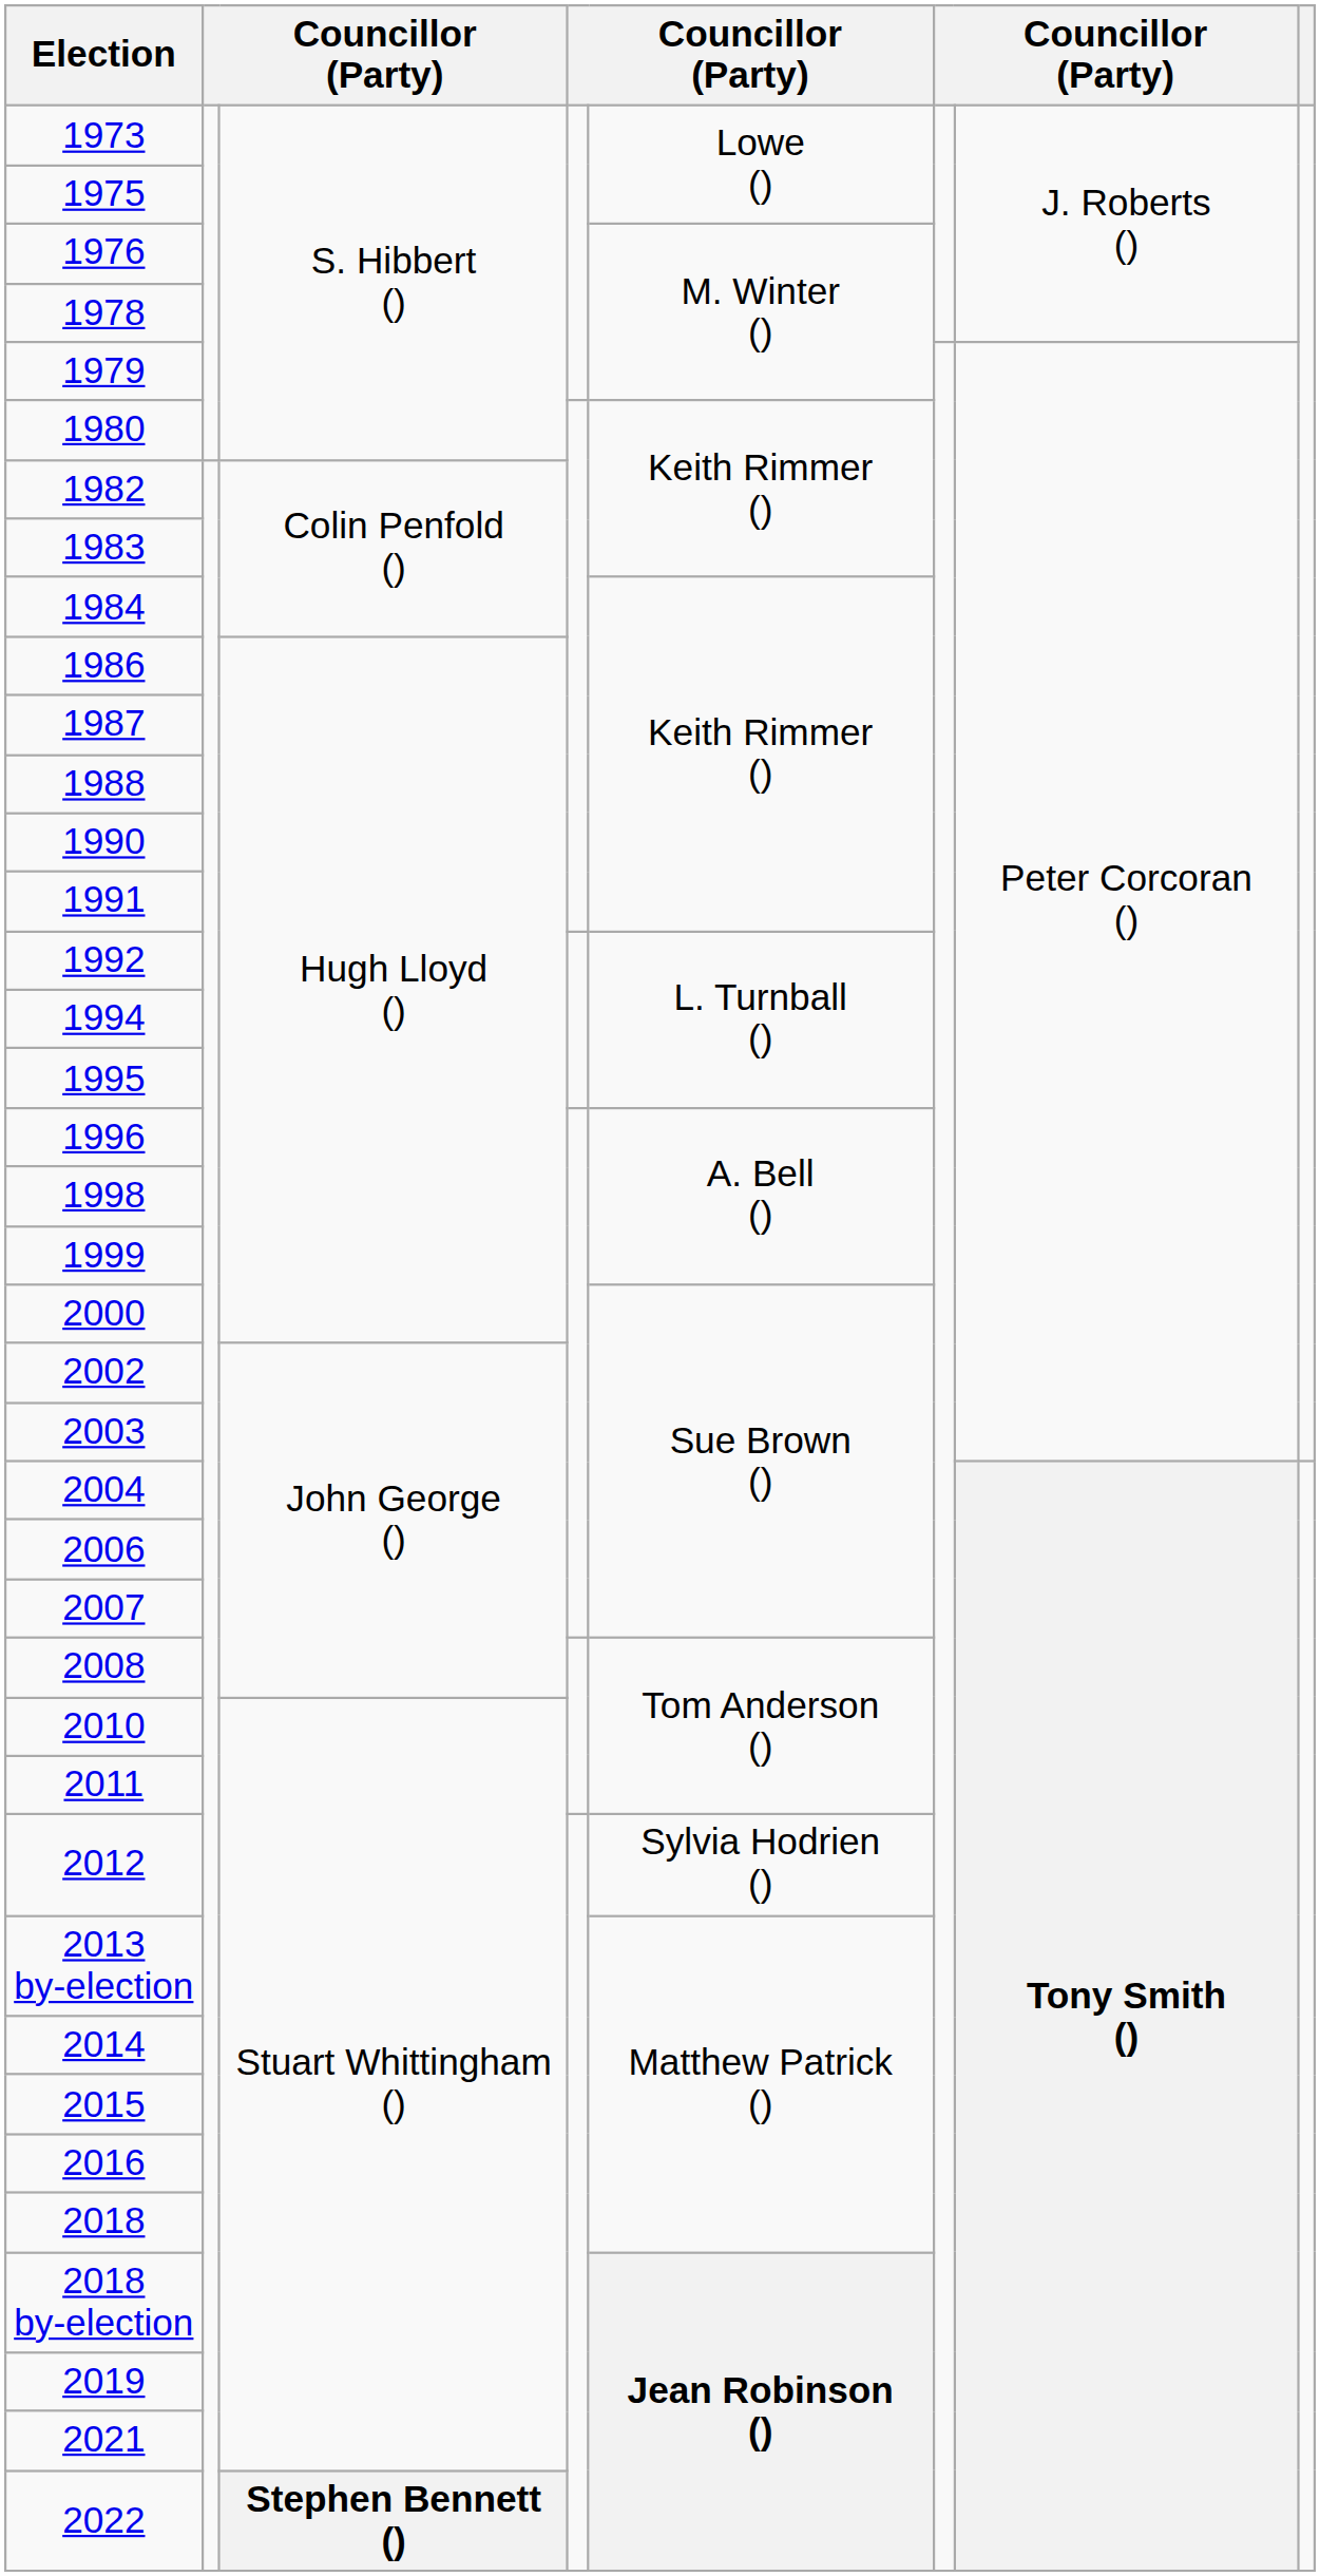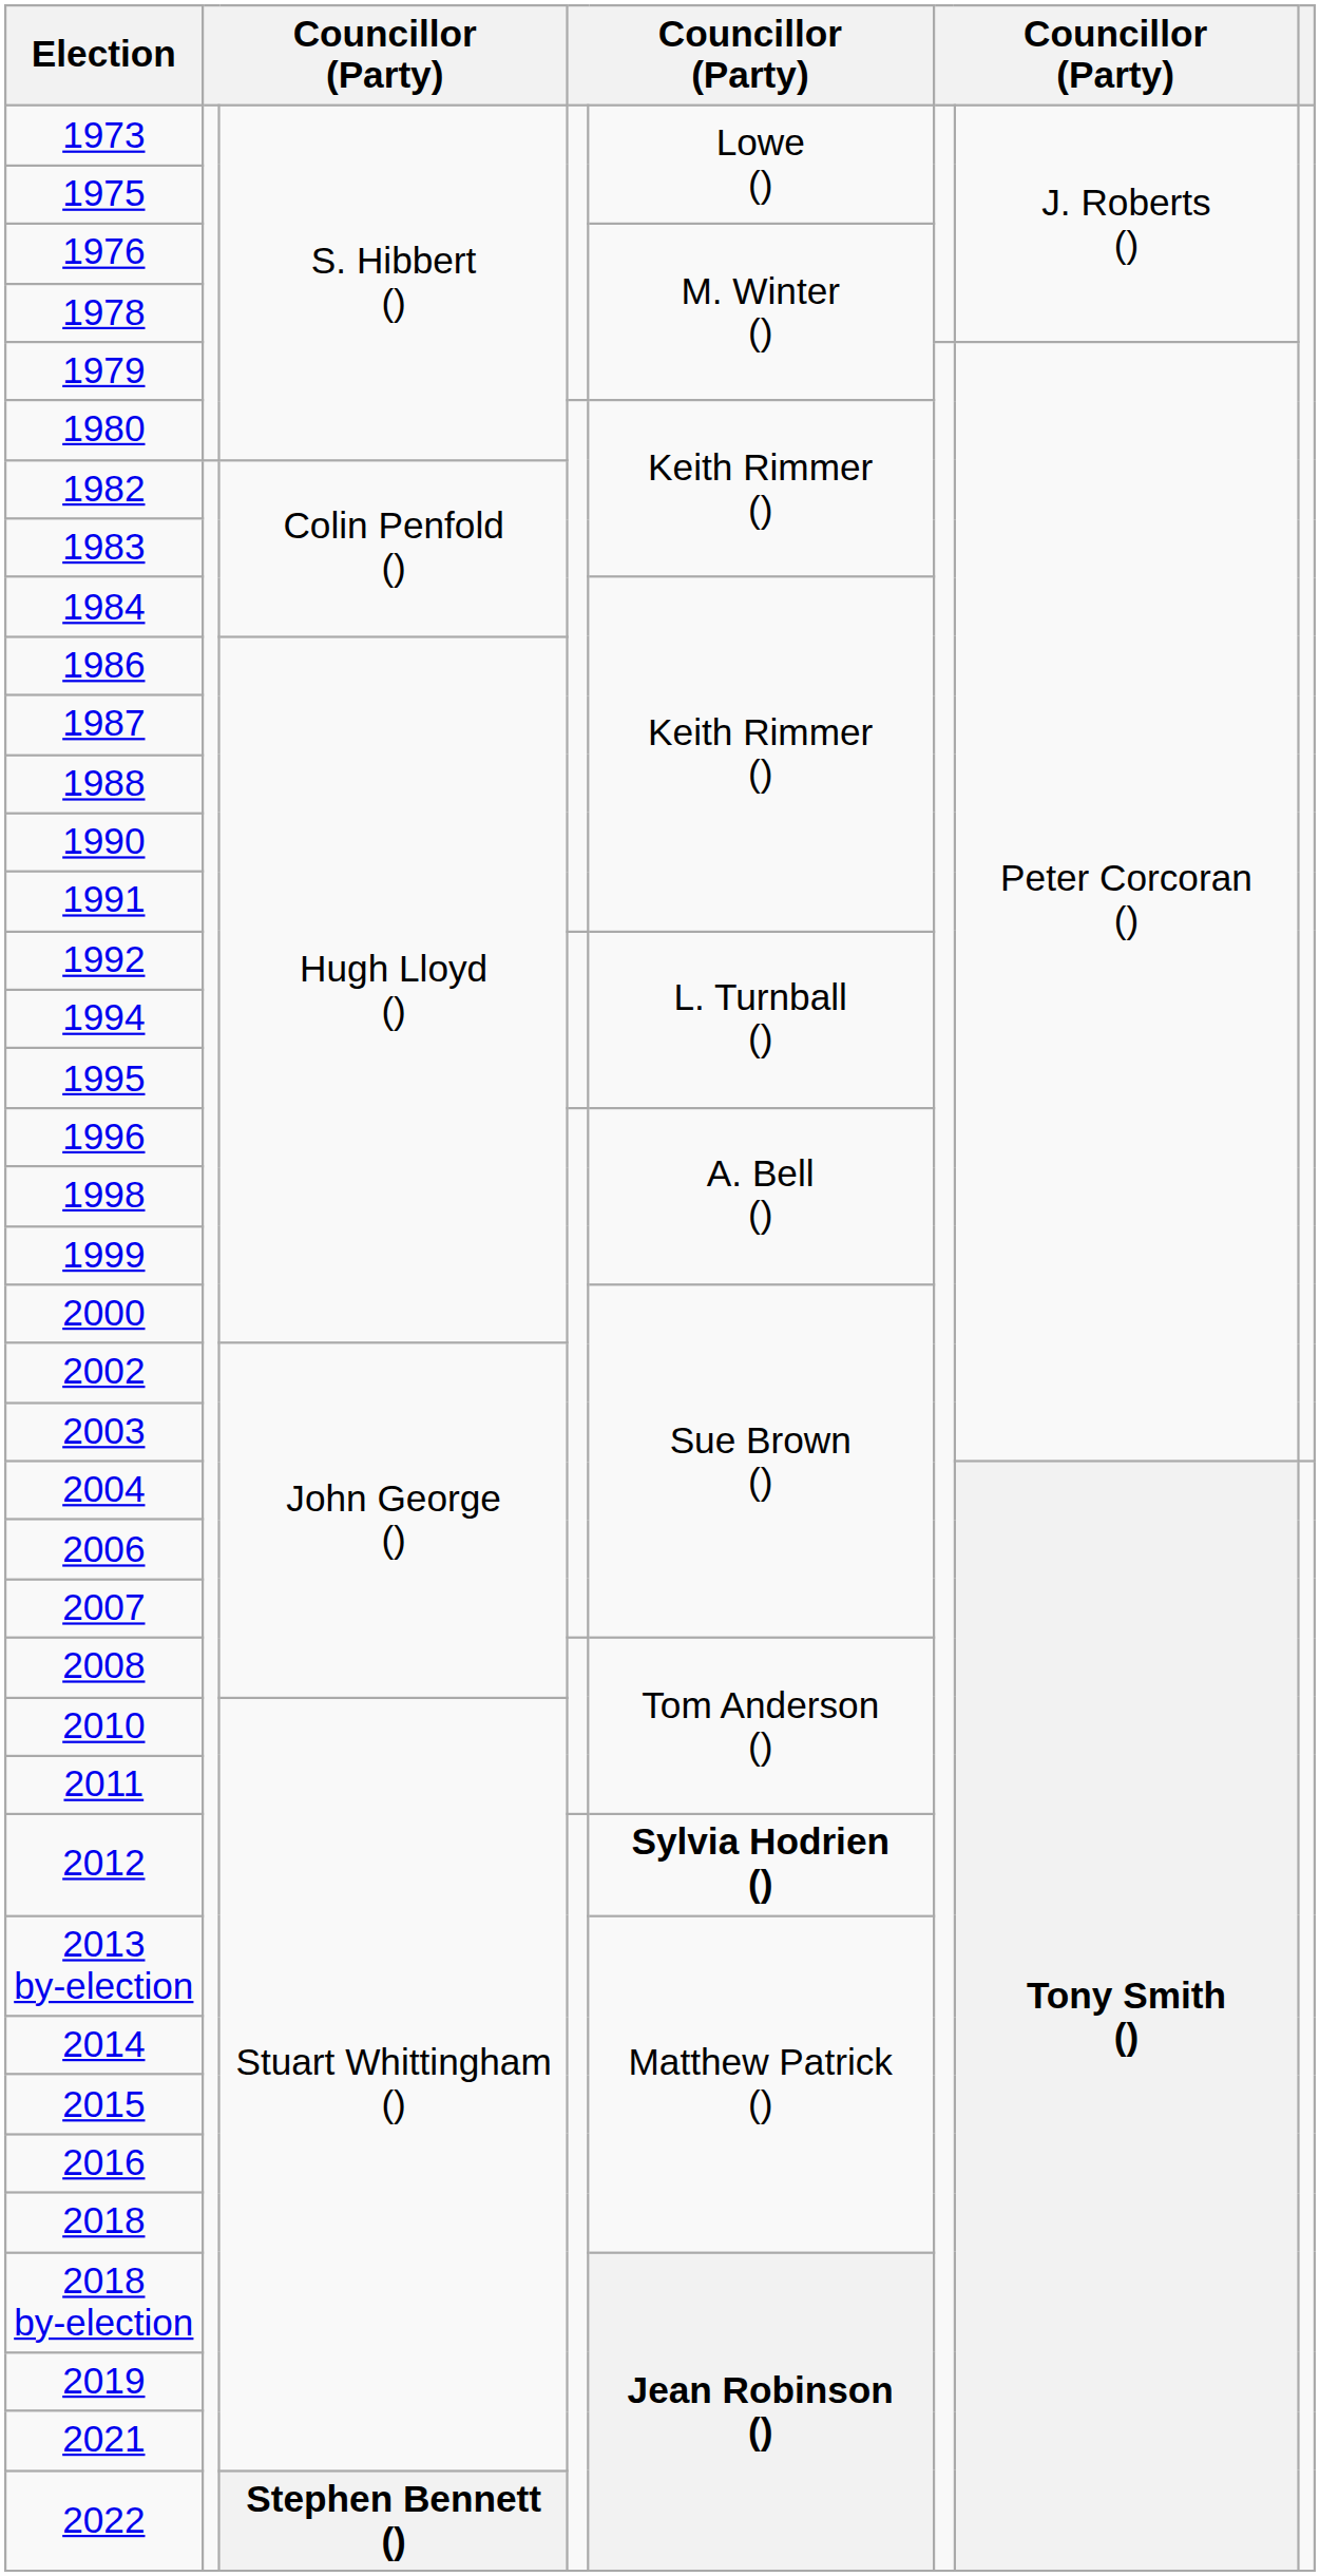 <table class="wikitable" style="text-align:center">
 <tr>
 <th>Election</th>
 <th scope="col" width="150" colspan = "2">Councillor<br> (Party)</th>
 <th scope="col" width="150" colspan = "2">Councillor<br> (Party)</th>
 <th scope="col" width="150" colspan = "2">Councillor<br> (Party)</th>
 <th></th>
 </tr>
 <tr>
 <td><a href='#'>1973</a></td>
 <td rowspan=6 style="background-color: "></td>
 <td rowspan=6>S. Hibbert<br>(<a href='#'></a>)</td>
 <td rowspan=5 style="background-color: "></td>
 <td rowspan=2>Lowe<br>(<a href='#'></a>)</td>
 <td rowspan=4 style="background-color: "></td>
 <td rowspan=4>J. Roberts<br>(<a href='#'></a>)</td>
 <td rowspan=23></td>
 </tr>
 <tr>
 <td><a href='#'>1975</a></td>
 </tr>
 <tr>
 <td><a href='#'>1976</a></td>
 <td rowspan=3>M. Winter<br>(<a href='#'></a>)</td>
 </tr>
 <tr>
 <td><a href='#'>1978</a></td>
 </tr>
 <tr>
 <td><a href='#'>1979</a></td>
 <td rowspan=35 style="background-color: "></td>
 <td rowspan=19>Peter Corcoran<br>(<a href='#'></a>)</td>
 </tr>
 <tr>
 <td><a href='#'>1980</a></td>
 <td rowspan=9 style="background-color: "></td>
 <td rowspan=3>Keith Rimmer<br>(<a href='#'></a>)</td>
 </tr>
 <tr>
 <td><a href='#'>1982</a></td>
 <td rowspan=33 style="background-color: "></td>
 <td rowspan=3>Colin Penfold<br>(<a href='#'></a>)</td>
 </tr>
 <tr>
 <td><a href='#'>1983</a></td>
 </tr>
 <tr>
 <td><a href='#'>1984</a></td>
 <td rowspan=6>Keith Rimmer<br>(<a href='#'></a>)</td>
 </tr>
 <tr>
 <td><a href='#'>1986</a></td>
 <td rowspan=12>Hugh Lloyd<br>(<a href='#'></a>)</td>
 </tr>
 <tr>
 <td><a href='#'>1987</a></td>
 </tr>
 <tr>
 <td><a href='#'>1988</a></td>
 </tr>
 <tr>
 <td><a href='#'>1990</a></td>
 </tr>
 <tr>
 <td><a href='#'>1991</a></td>
 </tr>
 <tr>
 <td><a href='#'>1992</a></td>
 <td rowspan=3 style="background-color: "></td>
 <td rowspan=3>L. Turnball<br>(<a href='#'></a>)</td>
 </tr>
 <tr>
 <td><a href='#'>1994</a></td>
 </tr>
 <tr>
 <td><a href='#'>1995</a></td>
 </tr>
 <tr>
 <td><a href='#'>1996</a></td>
 <td rowspan=9 style="background-color: "></td>
 <td rowspan=3>A. Bell<br>(<a href='#'></a>)</td>
 </tr>
 <tr>
 <td><a href='#'>1998</a></td>
 </tr>
 <tr>
 <td><a href='#'>1999</a></td>
 </tr>
 <tr>
 <td><a href='#'>2000</a></td>
 <td rowspan=6>Sue Brown<br>(<a href='#'></a>)</td>
 </tr>
 <tr>
 <td><a href='#'>2002</a></td>
 <td rowspan=6>John George<br>(<a href='#'></a>)</td>
 </tr>
 <tr>
 <td><a href='#'>2003</a></td>
 </tr>
 <tr>
 <td><a href='#'>2004</a></td>
 <th rowspan=16>Tony Smith<br>(<a href='#'></a>)</th>
 <td rowspan=16></td>
 </tr>
 <tr>
 <td><a href='#'>2006</a></td>
 </tr>
 <tr>
 <td><a href='#'>2007</a></td>
 </tr>
 <tr>
 <td><a href='#'>2008</a></td>
 <td rowspan=3 style="background-color: "></td>
 <td rowspan=3>Tom Anderson<br>(<a href='#'></a>)</td>
 </tr>
 <tr>
 <td><a href='#'>2010</a></td>
 <td rowspan=11>Stuart Whittingham<br>(<a href='#'></a>)</td>
 </tr>
 <tr>
 <td><a href='#'>2011</a></td>
 </tr>
 <tr>
 <td><a href='#'>2012</a></td>
 <td rowspan=10 style="background-color: "></td>
-<td>Sylvia Hodrien<br>(<a href='#'></a>)</td>
+<td><strong>Sylvia Hodrien<br>(<a href='#'></a>)</strong></td>
 </tr>
 <tr>
 <td><a href='#'>2013<br>by-election</a></td>
 <td rowspan=5>Matthew Patrick<br>(<a href='#'></a>)</td>
 </tr>
 <tr>
 <td><a href='#'>2014</a></td>
 </tr>
 <tr>
 <td><a href='#'>2015</a></td>
 </tr>
 <tr>
 <td><a href='#'>2016</a></td>
 </tr>
 <tr>
 <td><a href='#'>2018</a></td>
 </tr>
 <tr>
 <td><a href='#'>2018<br>by-election</a></td>
 <th rowspan=4>Jean Robinson<br>(<a href='#'></a>)</th>
 </tr>
 <tr>
 <td><a href='#'>2019</a></td>
 </tr>
 <tr>
 <td><a href='#'>2021</a></td>
 </tr>
 <tr>
 <td><a href='#'>2022</a></td>
 <th>Stephen Bennett<br>(<a href='#'></a>)</th>
 </tr>
 <tr>
 </tr>
 </table>
